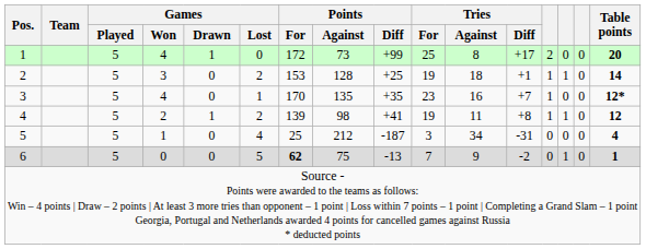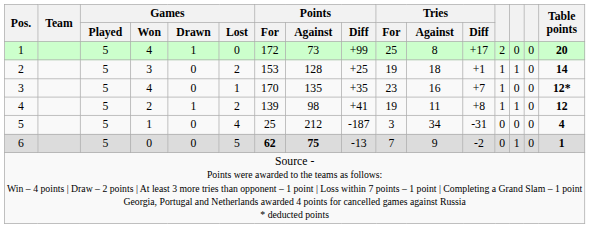 <table class="wikitable" style="text-align:center">
 <tr>
 <th rowspan="2">Pos.</th>
 <th rowspan="2">Team</th>
 <th colspan="4">Games</th>
 <th colspan="3">Points</th>
 <th colspan="3">Tries</th>
 <th rowspan="2"></th>
 <th rowspan="2"></th>
 <th rowspan="2"></th>
 <th rowspan="2">Table<br>points</th>
 </tr>
 <tr>
 <th>Played</th>
 <th>Won</th>
 <th>Drawn</th>
 <th>Lost</th>
 <th>For</th>
 <th>Against</th>
 <th>Diff</th>
 <th>For</th>
 <th>Against</th>
 <th>Diff</th>
 </tr>
 <tr bgcolor="#ccffcc">
 <td>1</td>
 <td style="text-align:left"></td>
 <td>5</td>
 <td>4</td>
 <td>1</td>
 <td>0</td>
 <td>172</td>
 <td>73</td>
 <td>+99</td>
 <td>25</td>
 <td>8</td>
 <td>+17</td>
 <td>2</td>
 <td>0</td>
 <td>0</td>
 <td><strong>20</strong></td>
 </tr>
 <tr>
 <td>2</td>
 <td style="text-align:left"></td>
 <td>5</td>
 <td>3</td>
 <td>0</td>
 <td>2</td>
 <td>153</td>
 <td>128</td>
 <td>+25</td>
 <td>19</td>
 <td>18</td>
 <td>+1</td>
 <td>1</td>
 <td>1</td>
 <td>0</td>
 <td><strong>14</strong></td>
 </tr>
 <tr>
 <td>3</td>
 <td style="text-align:left"></td>
 <td>5</td>
 <td>4</td>
 <td>0</td>
 <td>1</td>
 <td>170</td>
 <td>135</td>
 <td>+35</td>
 <td>23</td>
 <td>16</td>
 <td>+7</td>
 <td>1</td>
 <td>0</td>
 <td>0</td>
 <td><strong>12*</strong></td>
 </tr>
 <tr>
 <td>4</td>
 <td style="text-align:left"></td>
 <td>5</td>
 <td>2</td>
 <td>1</td>
 <td>2</td>
 <td>139</td>
 <td>98</td>
 <td>+41</td>
 <td>19</td>
 <td>11</td>
 <td>+8</td>
 <td>1</td>
 <td>1</td>
 <td>0</td>
 <td><strong>12</strong></td>
 </tr>
 <tr>
 <td>5</td>
 <td style="text-align:left"></td>
 <td>5</td>
 <td>1</td>
 <td>0</td>
 <td>4</td>
 <td>25</td>
 <td>212</td>
 <td>-187</td>
 <td>3</td>
 <td>34</td>
 <td>-31</td>
 <td>0</td>
 <td>0</td>
 <td>0</td>
 <td><strong>4</strong></td>
 </tr>
 <tr bgcolor="#DCDCDC">
 <td>6</td>
 <td style="text-align:left"></td>
 <td>5</td>
 <td>0</td>
 <td>0</td>
 <td>5</td>
 <td><strong>62</strong></td>
-<td>75</td>
+<td><strong>75</strong></td>
 <td>-13</td>
 <td>7</td>
 <td>9</td>
 <td>-2</td>
 <td>0</td>
 <td>1</td>
 <td>0</td>
 <td><strong>1</strong></td>
 </tr>
 <tr>
 <td colspan="100%" style="text-align:center">Source - <br><small>Points were awarded to the teams as follows:<br>Win – 4 points | Draw – 2 points | At least 3 more tries than opponent – 1 point | Loss within 7 points – 1 point | Completing a Grand Slam – 1 point<br> Georgia, Portugal and Netherlands awarded 4 points for cancelled games against Russia<br>* deducted points</small></td>
 </tr>
 </table>
